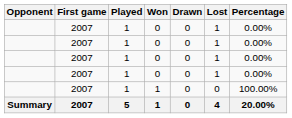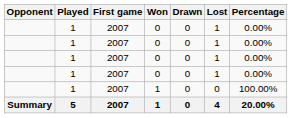 <table class="wikitable" style="text-align: center;">
 <tr>
 <th>Opponent</th>
+<th>Played</th>
 <th>First game</th>
-<th>Played</th>
 <th>Won</th>
 <th>Drawn</th>
 <th>Lost</th>
 <th>Percentage</th>
 </tr>
 <tr>
 <td style="text-align: left;"></td>
+<td>1</td>
 <td>2007</td>
-<td>1</td>
 <td>0</td>
 <td>0</td>
 <td>1</td>
 <td>0.00%</td>
 </tr>
 <tr>
 <td style="text-align: left;"></td>
+<td>1</td>
 <td>2007</td>
-<td>1</td>
 <td>0</td>
 <td>0</td>
 <td>1</td>
 <td>0.00%</td>
 </tr>
 <tr>
 <td style="text-align: left;"></td>
+<td>1</td>
 <td>2007</td>
-<td>1</td>
 <td>0</td>
 <td>0</td>
 <td>1</td>
 <td>0.00%</td>
 </tr>
 <tr>
 <td style="text-align: left;"></td>
+<td>1</td>
 <td>2007</td>
-<td>1</td>
 <td>0</td>
 <td>0</td>
 <td>1</td>
 <td>0.00%</td>
 </tr>
 <tr>
 <td style="text-align: left;"></td>
+<td>1</td>
 <td>2007</td>
-<td>1</td>
 <td>1</td>
 <td>0</td>
 <td>0</td>
 <td>100.00%</td>
 </tr>
 <tr>
 <th>Summary</th>
+<th>5</th>
 <th>2007</th>
-<th>5</th>
 <th>1</th>
 <th>0</th>
 <th>4</th>
 <th>20.00%</th>
 </tr>
 </table>
